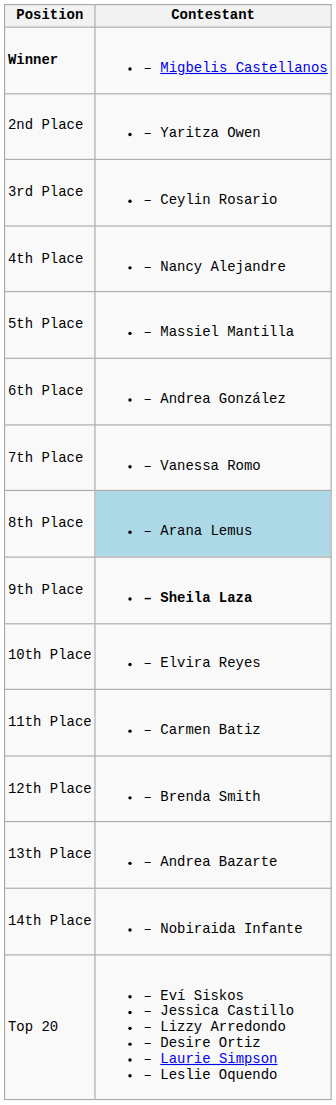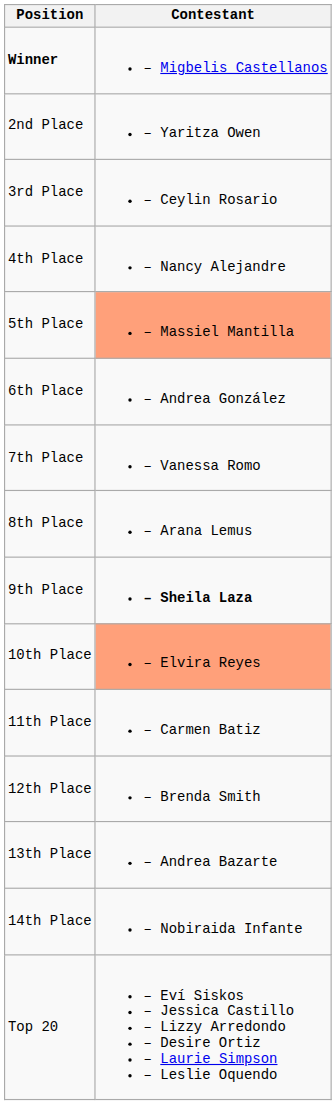 <table class="wikitable sortable" style="font-size: 95%;">
 <tr>
 <th>Position</th>
 <th>Contestant</th>
 </tr>
 <tr>
 <td><strong>Winner</strong></td>
 <td><br><ul><li><strong></strong> – <a href='#'>Migbelis Castellanos</a></li></ul></td>
 </tr>
 <tr>
 <td>2nd Place</td>
 <td><br><ul><li> – Yaritza Owen</li></ul></td>
 </tr>
 <tr>
 <td>3rd Place</td>
 <td><br><ul><li> – Ceylin Rosario</li></ul></td>
 </tr>
 <tr>
 <td>4th Place</td>
 <td><br><ul><li> – Nancy Alejandre</li></ul></td>
 </tr>
 <tr>
 <td>5th Place</td>
-<td><br><ul><li> – Massiel Mantilla</li></ul></td>
+<td style="background: lightsalmon;"><br><ul><li> – Massiel Mantilla</li></ul></td>
 </tr>
 <tr>
 <td>6th Place</td>
 <td><br><ul><li> – Andrea González</li></ul></td>
 </tr>
 <tr>
 <td>7th Place</td>
 <td><br><ul><li> – Vanessa Romo</li></ul></td>
 </tr>
 <tr>
 <td>8th Place</td>
-<td style="background: lightblue;"><br><ul><li> – Arana Lemus</li></ul></td>
+<td><br><ul><li> – Arana Lemus</li></ul></td>
 </tr>
 <tr>
 <td>9th Place</td>
 <td><strong><br><ul><li> – Sheila Laza</li></ul></strong></td>
 </tr>
 <tr>
 <td>10th Place</td>
-<td><br><ul><li> – Elvira Reyes</li></ul></td>
+<td style="background: lightsalmon;"><br><ul><li> – Elvira Reyes</li></ul></td>
 </tr>
 <tr>
 <td>11th Place</td>
 <td><br><ul><li> – Carmen Batiz</li></ul></td>
 </tr>
 <tr>
 <td>12th Place</td>
 <td><br><ul><li> – Brenda Smith</li></ul></td>
 </tr>
 <tr>
 <td>13th Place</td>
 <td><br><ul><li> – Andrea Bazarte</li></ul></td>
 </tr>
 <tr>
 <td>14th Place</td>
 <td><br><ul><li> – Nobiraida Infante</li></ul></td>
 </tr>
 <tr>
 <td>Top 20</td>
 <td><br><ul><li> – Eví Siskos</li><li> – Jessica Castillo</li><li> – Lizzy Arredondo</li><li> – Desire Ortiz</li><li> – <a href='#'>Laurie Simpson</a></li><li> – Leslie Oquendo</li></ul></td>
 </tr>
 </table>
